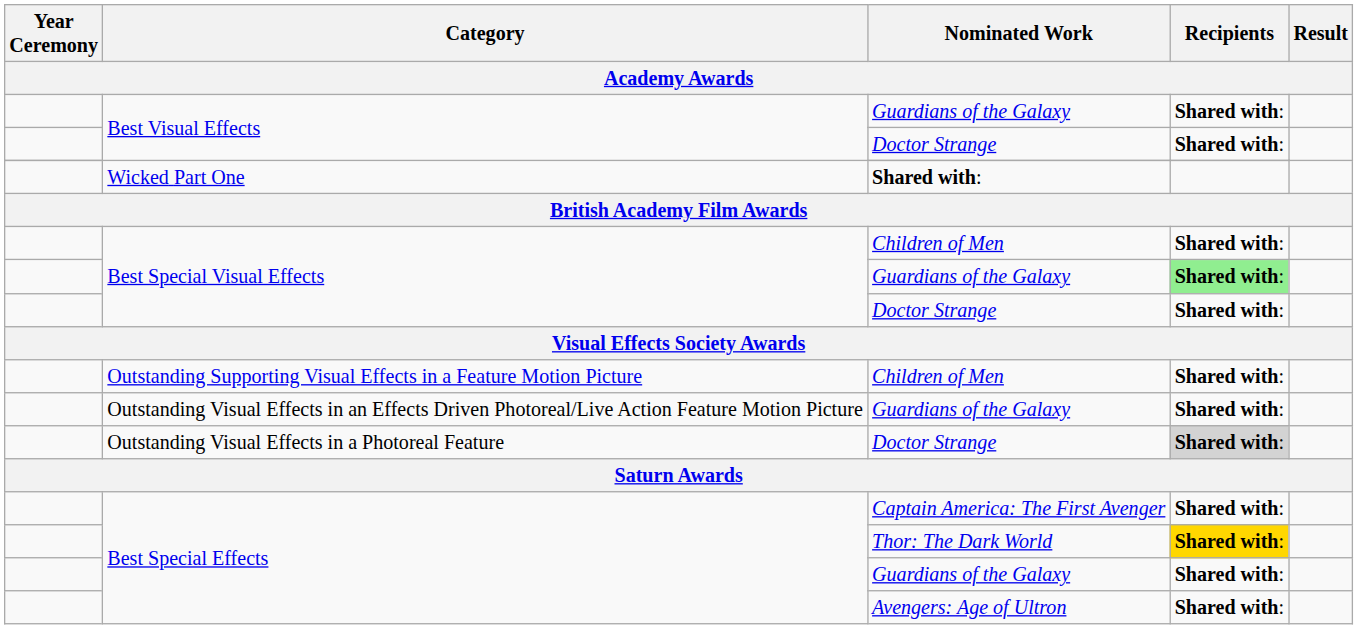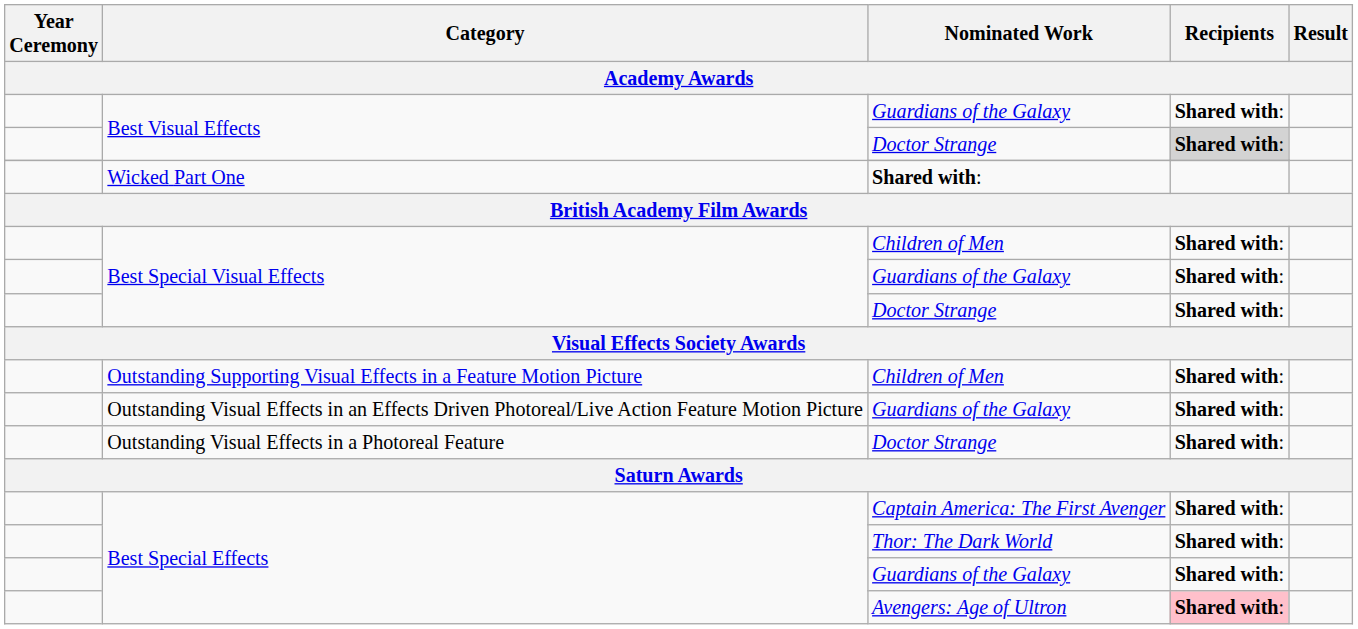 <table class="wikitable" style="font-size: 95%;">
 <tr>
 <th>Year<br>Ceremony</th>
 <th>Category</th>
 <th>Nominated Work</th>
 <th>Recipients</th>
 <th>Result</th>
 </tr>
 <tr>
 <th colspan="6"><a href='#'>Academy Awards</a></th>
 </tr>
 <tr>
 <td></td>
 <td rowspan="3"><a href='#'>Best Visual Effects</a></td>
 <td><em><a href='#'>Guardians of the Galaxy</a></em></td>
 <td><strong>Shared with</strong>:<br></td>
 <td></td>
 </tr>
 <tr>
 <td></td>
 <td><em><a href='#'>Doctor Strange</a></em></td>
-<td><strong>Shared with</strong>:<br></td>
+<td style="background: lightgrey;"><strong>Shared with</strong>:<br></td>
 <td></td>
 </tr>
 <tr>
 </tr>
 <tr>
 <td></td>
 <td><em><a href='#'></em>Wicked<em> </em>Part One<em></a></em></td>
 <td><strong>Shared with</strong>:<br></td>
 <td></td>
 </tr>
 <tr>
 <th colspan="5"><a href='#'>British Academy Film Awards</a></th>
 </tr>
 <tr>
 <td></td>
 <td rowspan="3"><a href='#'>Best Special Visual Effects</a></td>
 <td><em><a href='#'>Children of Men</a></em></td>
 <td><strong>Shared with</strong>:<br></td>
 <td></td>
 </tr>
 <tr>
 <td></td>
 <td><em><a href='#'>Guardians of the Galaxy</a></em></td>
-<td style="background: lightgreen;"><strong>Shared with</strong>:<br></td>
+<td><strong>Shared with</strong>:<br></td>
 <td></td>
 </tr>
 <tr>
 <td></td>
 <td><em><a href='#'>Doctor Strange</a></em></td>
 <td><strong>Shared with</strong>:<br></td>
 <td></td>
 </tr>
 <tr>
 <th colspan="5"><a href='#'>Visual Effects Society Awards</a></th>
 </tr>
 <tr>
 <td></td>
 <td><a href='#'>Outstanding Supporting Visual Effects in a Feature Motion Picture</a></td>
 <td><em><a href='#'>Children of Men</a></em></td>
 <td><strong>Shared with</strong>:<br></td>
 <td></td>
 </tr>
 <tr>
 <td></td>
 <td>Outstanding Visual Effects in an Effects Driven Photoreal/Live Action Feature Motion Picture</td>
 <td><em><a href='#'>Guardians of the Galaxy</a></em></td>
 <td><strong>Shared with</strong>:<br></td>
 <td></td>
 </tr>
 <tr>
 <td></td>
 <td>Outstanding Visual Effects in a Photoreal Feature</td>
 <td><em><a href='#'>Doctor Strange</a></em></td>
-<td style="background: lightgrey;"><strong>Shared with</strong>:<br></td>
+<td><strong>Shared with</strong>:<br></td>
 <td></td>
 </tr>
 <tr>
 <th colspan="5"><a href='#'>Saturn Awards</a></th>
 </tr>
 <tr>
 <td></td>
 <td rowspan="4"><a href='#'>Best Special Effects</a></td>
 <td><em><a href='#'>Captain America: The First Avenger</a></em></td>
 <td><strong>Shared with</strong>:<br></td>
 <td></td>
 </tr>
 <tr>
 <td></td>
 <td><em><a href='#'>Thor: The Dark World</a></em></td>
-<td style="background: gold;"><strong>Shared with</strong>:<br></td>
+<td><strong>Shared with</strong>:<br></td>
 <td></td>
 </tr>
 <tr>
 <td></td>
 <td><em><a href='#'>Guardians of the Galaxy</a></em></td>
 <td><strong>Shared with</strong>:<br></td>
 <td></td>
 </tr>
 <tr>
 <td></td>
 <td><em><a href='#'>Avengers: Age of Ultron</a></em></td>
-<td><strong>Shared with</strong>:<br></td>
+<td style="background: pink;"><strong>Shared with</strong>:<br></td>
 <td></td>
 </tr>
 </table>
